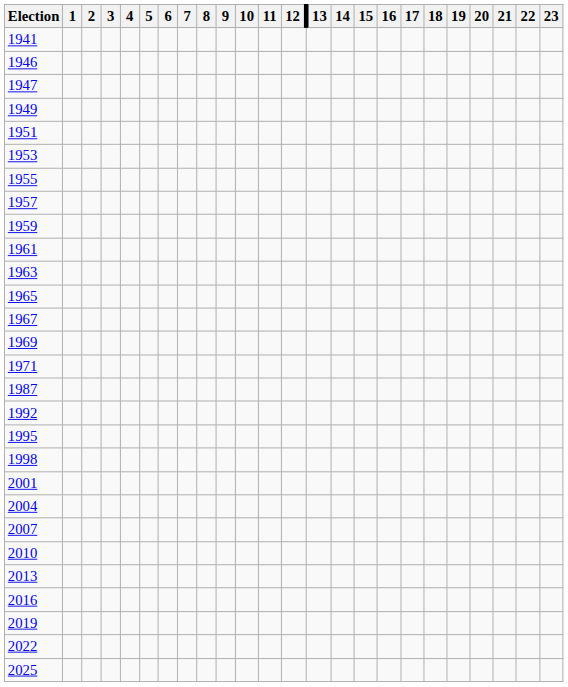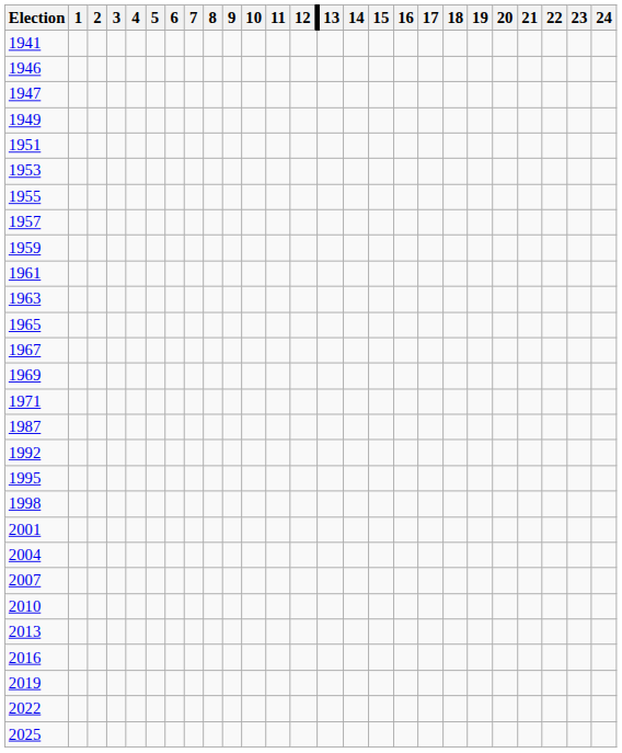 <table class="wikitable" style="text-align:center;">
 <tr>
 <th>Election</th>
 <th width=20px>1</th>
 <th width=20px>2</th>
 <th width=20px>3</th>
 <th width=20px>4</th>
 <th width=20px>5</th>
 <th width=20px>6</th>
 <th width=20px>7</th>
 <th width=20px>8</th>
 <th width=20px>9</th>
 <th width=20px>10</th>
 <th width=20px>11</th>
 <th width=20px>12</th>
 <th width=20px style="border-left:5px solid black;">13</th>
 <th width=20px>14</th>
 <th width=20px>15</th>
 <th width=20px>16</th>
 <th width=20px>17</th>
 <th width=20px>18</th>
 <th width=20px>19</th>
 <th width=20px>20</th>
 <th width=20px>21</th>
 <th width=20px>22</th>
 <th width=20px>23</th>
+<th width=20px>24</th>
 </tr>
 <tr>
 <td style="text-align:left"><a href='#'>1941</a></td>
+<td bgcolor=></td>
 <td bgcolor=></td>
 <td bgcolor=></td>
 <td bgcolor=></td>
 <td bgcolor=></td>
 <td bgcolor=></td>
 <td bgcolor=></td>
 <td bgcolor=></td>
 <td bgcolor=></td>
 <td bgcolor=></td>
 <td bgcolor=></td>
 <td bgcolor=></td>
 <td bgcolor=></td>
 <td bgcolor=></td>
 <td bgcolor=></td>
 <td bgcolor=></td>
 <td bgcolor=></td>
 <td bgcolor=></td>
 <td bgcolor=></td>
 <td bgcolor=></td>
 <td bgcolor=></td>
 <td bgcolor=></td>
 <td bgcolor=></td>
 <td bgcolor=></td>
 </tr>
 <tr>
 <td style="text-align:left"><a href='#'>1946</a></td>
 <td bgcolor=></td>
 <td bgcolor=></td>
 <td bgcolor=></td>
 <td bgcolor=></td>
 <td bgcolor=></td>
 <td bgcolor=></td>
 <td bgcolor=></td>
 <td bgcolor=></td>
 <td bgcolor=></td>
 <td bgcolor=></td>
 <td bgcolor=></td>
 <td bgcolor=></td>
 <td bgcolor=></td>
 <td bgcolor=></td>
 <td bgcolor=></td>
 <td bgcolor=></td>
 <td bgcolor=></td>
 <td bgcolor=></td>
 <td bgcolor=></td>
 <td bgcolor=></td>
 <td bgcolor=></td>
 <td bgcolor=></td>
 <td bgcolor=></td>
+<td bgcolor=></td>
 </tr>
 <tr>
 <td style="text-align:left"><a href='#'>1947</a></td>
+<td bgcolor=></td>
 <td bgcolor=></td>
 <td bgcolor=></td>
 <td bgcolor=></td>
 <td bgcolor=></td>
 <td bgcolor=></td>
 <td bgcolor=></td>
 <td bgcolor=></td>
 <td bgcolor=></td>
 <td bgcolor=></td>
 <td bgcolor=></td>
 <td bgcolor=></td>
 <td bgcolor=></td>
 <td bgcolor=></td>
 <td bgcolor=></td>
 <td bgcolor=></td>
 <td bgcolor=></td>
 <td bgcolor=></td>
 <td bgcolor=></td>
 <td bgcolor=></td>
 <td bgcolor=></td>
 <td bgcolor=></td>
 <td bgcolor=></td>
 <td bgcolor=></td>
 </tr>
 <tr>
 <td style="text-align:left"><a href='#'>1949</a></td>
 <td bgcolor=></td>
 <td bgcolor=></td>
 <td bgcolor=></td>
 <td bgcolor=></td>
 <td bgcolor=></td>
 <td bgcolor=></td>
 <td bgcolor=></td>
 <td bgcolor=></td>
 <td bgcolor=></td>
 <td bgcolor=></td>
 <td bgcolor=></td>
 <td bgcolor=></td>
 <td bgcolor=></td>
 <td bgcolor=></td>
 <td bgcolor=></td>
 <td bgcolor=></td>
 <td bgcolor=></td>
 <td bgcolor=></td>
 <td bgcolor=></td>
 <td bgcolor=></td>
 <td bgcolor=></td>
 <td bgcolor=></td>
 <td bgcolor=></td>
+<td></td>
 </tr>
 <tr>
 <td style="text-align:left"><a href='#'>1951</a></td>
+<td bgcolor=></td>
 <td bgcolor=></td>
 <td bgcolor=></td>
 <td bgcolor=></td>
 <td bgcolor=></td>
 <td bgcolor=></td>
 <td bgcolor=></td>
 <td bgcolor=></td>
 <td bgcolor=></td>
 <td bgcolor=></td>
 <td bgcolor=></td>
 <td bgcolor=></td>
 <td bgcolor=></td>
 <td bgcolor=></td>
 <td bgcolor=></td>
 <td bgcolor=></td>
 <td bgcolor=></td>
 <td bgcolor=></td>
 <td bgcolor=></td>
 <td bgcolor=></td>
 <td bgcolor=></td>
 <td bgcolor=></td>
 <td bgcolor=></td>
 <td bgcolor=></td>
 </tr>
 <tr>
 <td style="text-align:left"><a href='#'>1953</a></td>
 <td bgcolor=></td>
 <td bgcolor=></td>
 <td bgcolor=></td>
 <td bgcolor=></td>
 <td bgcolor=></td>
 <td bgcolor=></td>
 <td bgcolor=></td>
 <td bgcolor=></td>
 <td bgcolor=></td>
 <td bgcolor=></td>
 <td bgcolor=></td>
 <td bgcolor=></td>
 <td bgcolor=></td>
 <td bgcolor=></td>
 <td bgcolor=></td>
 <td bgcolor=></td>
 <td bgcolor=></td>
 <td bgcolor=></td>
 <td bgcolor=></td>
 <td bgcolor=></td>
 <td bgcolor=></td>
 <td bgcolor=></td>
 <td bgcolor=></td>
+<td></td>
 </tr>
 <tr>
 <td style="text-align:left"><a href='#'>1955</a></td>
+<td bgcolor=></td>
 <td bgcolor=></td>
 <td bgcolor=></td>
 <td bgcolor=></td>
 <td bgcolor=></td>
 <td bgcolor=></td>
 <td bgcolor=></td>
 <td bgcolor=></td>
 <td bgcolor=></td>
 <td bgcolor=></td>
 <td bgcolor=></td>
 <td bgcolor=></td>
 <td bgcolor=></td>
 <td bgcolor=></td>
 <td bgcolor=></td>
 <td bgcolor=></td>
 <td bgcolor=></td>
 <td bgcolor=></td>
 <td bgcolor=></td>
 <td bgcolor=></td>
 <td bgcolor=></td>
 <td bgcolor=></td>
 <td bgcolor=></td>
 <td bgcolor=></td>
 </tr>
 <tr>
 <td style="text-align:left"><a href='#'>1957</a></td>
 <td bgcolor=></td>
 <td bgcolor=></td>
 <td bgcolor=></td>
 <td bgcolor=></td>
 <td bgcolor=></td>
 <td bgcolor=></td>
 <td bgcolor=></td>
 <td bgcolor=></td>
 <td bgcolor=></td>
 <td bgcolor=></td>
 <td bgcolor=></td>
 <td bgcolor=></td>
 <td bgcolor=></td>
 <td bgcolor=></td>
 <td bgcolor=></td>
 <td bgcolor=></td>
 <td bgcolor=></td>
 <td bgcolor=></td>
 <td bgcolor=></td>
 <td bgcolor=></td>
 <td bgcolor=></td>
 <td bgcolor=></td>
 <td bgcolor=></td>
+<td bgcolor=></td>
 </tr>
 <tr>
 <td style="text-align:left"><a href='#'>1959</a></td>
+<td bgcolor=></td>
 <td bgcolor=></td>
 <td bgcolor=></td>
 <td bgcolor=></td>
 <td bgcolor=></td>
 <td bgcolor=></td>
 <td bgcolor=></td>
 <td bgcolor=></td>
 <td bgcolor=></td>
 <td bgcolor=></td>
 <td bgcolor=></td>
 <td bgcolor=></td>
 <td bgcolor=></td>
 <td bgcolor=></td>
 <td bgcolor=></td>
 <td bgcolor=></td>
 <td bgcolor=></td>
 <td bgcolor=></td>
 <td bgcolor=></td>
 <td bgcolor=></td>
 <td bgcolor=></td>
 <td bgcolor=></td>
 <td bgcolor=></td>
 <td bgcolor=></td>
 </tr>
 <tr>
 <td style="text-align:left"><a href='#'>1961</a></td>
 <td bgcolor=></td>
 <td bgcolor=></td>
 <td bgcolor=></td>
 <td bgcolor=></td>
 <td bgcolor=></td>
 <td bgcolor=></td>
 <td bgcolor=></td>
 <td bgcolor=></td>
 <td bgcolor=></td>
 <td bgcolor=></td>
 <td bgcolor=></td>
 <td bgcolor=></td>
 <td bgcolor=></td>
 <td bgcolor=></td>
 <td bgcolor=></td>
 <td bgcolor=></td>
 <td bgcolor=></td>
 <td bgcolor=></td>
 <td bgcolor=></td>
 <td bgcolor=></td>
 <td bgcolor=></td>
 <td bgcolor=></td>
 <td bgcolor=></td>
+<td bgcolor=></td>
 </tr>
 <tr>
 <td style="text-align:left"><a href='#'>1963</a></td>
+<td bgcolor=></td>
 <td bgcolor=></td>
 <td bgcolor=></td>
 <td bgcolor=></td>
 <td bgcolor=></td>
 <td bgcolor=></td>
 <td bgcolor=></td>
 <td bgcolor=></td>
 <td bgcolor=></td>
 <td bgcolor=></td>
 <td bgcolor=></td>
 <td bgcolor=></td>
 <td bgcolor=></td>
 <td bgcolor=></td>
 <td bgcolor=></td>
 <td bgcolor=></td>
 <td bgcolor=></td>
 <td bgcolor=></td>
 <td bgcolor=></td>
 <td bgcolor=></td>
 <td bgcolor=></td>
 <td bgcolor=></td>
 <td bgcolor=></td>
 <td bgcolor=></td>
 </tr>
 <tr>
 <td style="text-align:left"><a href='#'>1965</a></td>
 <td bgcolor=></td>
 <td bgcolor=></td>
 <td bgcolor=></td>
 <td bgcolor=></td>
 <td bgcolor=></td>
 <td bgcolor=></td>
 <td bgcolor=></td>
 <td bgcolor=></td>
 <td bgcolor=></td>
 <td bgcolor=></td>
 <td bgcolor=></td>
 <td bgcolor=></td>
 <td bgcolor=></td>
 <td bgcolor=></td>
 <td bgcolor=></td>
 <td bgcolor=></td>
 <td bgcolor=></td>
 <td bgcolor=></td>
 <td bgcolor=></td>
 <td bgcolor=></td>
 <td bgcolor=></td>
 <td bgcolor=></td>
 <td bgcolor=></td>
+<td bgcolor=></td>
 </tr>
 <tr>
 <td style="text-align:left"><a href='#'>1967</a></td>
+<td bgcolor=></td>
 <td bgcolor=></td>
 <td bgcolor=></td>
 <td bgcolor=></td>
 <td bgcolor=></td>
 <td bgcolor=></td>
 <td bgcolor=></td>
 <td bgcolor=></td>
 <td bgcolor=></td>
 <td bgcolor=></td>
 <td bgcolor=></td>
 <td bgcolor=></td>
 <td bgcolor=></td>
 <td bgcolor=></td>
 <td bgcolor=></td>
 <td bgcolor=></td>
 <td bgcolor=></td>
 <td bgcolor=></td>
 <td bgcolor=></td>
 <td bgcolor=></td>
 <td bgcolor=></td>
 <td bgcolor=></td>
 <td bgcolor=></td>
 <td bgcolor=></td>
 </tr>
 <tr>
 <td style="text-align:left"><a href='#'>1969</a></td>
 <td bgcolor=></td>
 <td bgcolor=></td>
 <td bgcolor=></td>
 <td bgcolor=></td>
 <td bgcolor=></td>
 <td bgcolor=></td>
 <td bgcolor=></td>
 <td bgcolor=></td>
 <td bgcolor=></td>
 <td bgcolor=></td>
 <td bgcolor=></td>
 <td bgcolor=></td>
 <td bgcolor=></td>
 <td bgcolor=></td>
 <td bgcolor=></td>
 <td bgcolor=></td>
 <td bgcolor=></td>
 <td bgcolor=></td>
 <td bgcolor=></td>
 <td bgcolor=></td>
 <td bgcolor=></td>
 <td bgcolor=></td>
 <td bgcolor=></td>
+<td bgcolor=></td>
 </tr>
 <tr>
 <td style="text-align:left"><a href='#'>1971</a></td>
+<td bgcolor=></td>
 <td bgcolor=></td>
 <td bgcolor=></td>
 <td bgcolor=></td>
 <td bgcolor=></td>
 <td bgcolor=></td>
 <td bgcolor=></td>
 <td bgcolor=></td>
 <td bgcolor=></td>
 <td bgcolor=></td>
 <td bgcolor=></td>
 <td bgcolor=></td>
 <td bgcolor=></td>
 <td bgcolor=></td>
 <td bgcolor=></td>
 <td bgcolor=></td>
 <td bgcolor=></td>
 <td bgcolor=></td>
 <td bgcolor=></td>
 <td bgcolor=></td>
 <td bgcolor=></td>
 <td bgcolor=></td>
 <td bgcolor=></td>
 <td bgcolor=></td>
 </tr>
 <tr>
 <td style="text-align:left"><a href='#'>1987</a></td>
 <td bgcolor=></td>
 <td bgcolor=></td>
 <td bgcolor=></td>
 <td bgcolor=></td>
 <td bgcolor=></td>
 <td bgcolor=></td>
 <td bgcolor=></td>
 <td bgcolor=></td>
 <td bgcolor=></td>
 <td bgcolor=></td>
 <td bgcolor=></td>
 <td bgcolor=></td>
 <td bgcolor=></td>
 <td bgcolor=></td>
 <td bgcolor=></td>
 <td bgcolor=></td>
 <td bgcolor=></td>
 <td bgcolor=></td>
 <td bgcolor=></td>
 <td bgcolor=></td>
 <td bgcolor=></td>
 <td bgcolor=></td>
 <td bgcolor=></td>
+<td bgcolor=></td>
 </tr>
 <tr>
 <td style="text-align:left"><a href='#'>1992</a></td>
+<td style="background:"></td>
 <td style="background:"></td>
 <td style="background:"></td>
 <td style="background:"></td>
 <td style="background:"></td>
 <td style="background:"></td>
 <td style="background:"></td>
 <td style="background:"></td>
 <td style="background:"></td>
 <td style="background:"></td>
 <td style="background:"></td>
 <td style="background:"></td>
 <td style="background:"></td>
 <td style="background:"></td>
 <td style="background:"></td>
 <td style="background:"></td>
 <td style="background:"></td>
 <td style="background:"></td>
 <td style="background:"></td>
 <td style="background:"></td>
 <td style="background:"></td>
 <td style="background:"></td>
 <td style="background:"></td>
 <td style="background:"></td>
 </tr>
 <tr>
 <td style="text-align:left"><a href='#'>1995</a></td>
 <td style="background:"></td>
 <td style="background:"></td>
 <td style="background:"></td>
 <td style="background:"></td>
 <td style="background:"></td>
 <td style="background:"></td>
 <td style="background:"></td>
 <td style="background:"></td>
 <td style="background:"></td>
 <td style="background:"></td>
 <td style="background:"></td>
 <td style="background:"></td>
 <td style="background:"></td>
 <td style="background:"></td>
 <td style="background:"></td>
 <td style="background:"></td>
 <td style="background:"></td>
 <td style="background:"></td>
 <td style="background:"></td>
 <td style="background:"></td>
 <td style="background:"></td>
 <td style="background:"></td>
 <td style="background:"></td>
+<td style="background:"></td>
 </tr>
 <tr>
 <td style="text-align:left"><a href='#'>1998</a></td>
 <td style="background:"></td>
 <td style="background:"></td>
 <td style="background:"></td>
 <td style="background:"></td>
 <td style="background:"></td>
 <td style="background:"></td>
 <td style="background:"></td>
 <td style="background:"></td>
 <td style="background:"></td>
 <td style="background:"></td>
 <td style="background:"></td>
 <td style="background:"></td>
 <td style="background:"></td>
 <td style="background:"></td>
 <td style="background:"></td>
 <td style="background:"></td>
 <td style="background:"></td>
 <td style="background:"></td>
 <td style="background:"></td>
 <td style="background:"></td>
 <td style="background:"></td>
 <td style="background:"></td>
 <td style="background:"></td>
+<td></td>
 </tr>
 <tr>
 <td style="text-align:left"><a href='#'>2001</a></td>
+<td style="background:"></td>
 <td style="background:"></td>
 <td style="background:"></td>
 <td style="background:"></td>
 <td style="background:"></td>
 <td style="background:"></td>
 <td style="background:"></td>
 <td style="background:"></td>
 <td style="background:"></td>
 <td style="background:"></td>
 <td style="background:"></td>
 <td style="background:"></td>
 <td style="background:"></td>
 <td style="background:"></td>
 <td style="background:"></td>
 <td style="background:"></td>
 <td style="background:"></td>
 <td style="background:"></td>
 <td style="background:"></td>
 <td style="background:"></td>
 <td style="background:"></td>
 <td style="background:"></td>
 <td style="background:"></td>
 <td style="background:"></td>
 </tr>
 <tr>
 <td style="text-align:left"><a href='#'>2004</a></td>
 <td bgcolor=></td>
 <td bgcolor=></td>
 <td bgcolor=></td>
 <td bgcolor=></td>
 <td bgcolor=></td>
 <td bgcolor=></td>
 <td bgcolor=></td>
 <td bgcolor=></td>
 <td bgcolor=></td>
 <td bgcolor=></td>
 <td bgcolor=></td>
 <td bgcolor=></td>
 <td bgcolor=></td>
 <td bgcolor=></td>
 <td bgcolor=></td>
 <td bgcolor=></td>
 <td bgcolor=></td>
 <td bgcolor=></td>
 <td bgcolor=></td>
 <td bgcolor=></td>
 <td bgcolor=></td>
 <td bgcolor=></td>
 <td bgcolor=></td>
+<td></td>
 </tr>
 <tr>
 <td style="text-align:left"><a href='#'>2007</a></td>
 <td bgcolor=></td>
 <td bgcolor=></td>
 <td bgcolor=></td>
 <td bgcolor=></td>
 <td bgcolor=></td>
 <td bgcolor=></td>
 <td bgcolor=></td>
 <td bgcolor=></td>
 <td bgcolor=></td>
 <td bgcolor=></td>
 <td bgcolor=></td>
 <td bgcolor=></td>
 <td bgcolor=></td>
 <td bgcolor=></td>
 <td bgcolor=></td>
 <td bgcolor=></td>
 <td bgcolor=></td>
 <td bgcolor=></td>
 <td bgcolor=></td>
 <td bgcolor=></td>
 <td bgcolor=></td>
 <td bgcolor=></td>
 <td bgcolor=></td>
+<td></td>
 </tr>
 <tr>
 <td style="text-align:left"><a href='#'>2010</a></td>
 <td bgcolor=></td>
 <td bgcolor=></td>
 <td bgcolor=></td>
 <td bgcolor=></td>
 <td bgcolor=></td>
 <td bgcolor=></td>
 <td bgcolor=></td>
 <td bgcolor=></td>
 <td bgcolor=></td>
 <td bgcolor=></td>
 <td bgcolor=></td>
 <td bgcolor=></td>
 <td bgcolor=></td>
 <td bgcolor=></td>
 <td bgcolor=></td>
 <td bgcolor=></td>
 <td bgcolor=></td>
 <td bgcolor=></td>
 <td bgcolor=></td>
 <td bgcolor=></td>
 <td bgcolor=></td>
 <td bgcolor=></td>
 <td bgcolor=></td>
+<td></td>
 </tr>
 <tr>
 <td style="text-align:left"><a href='#'>2013</a></td>
+<td bgcolor=></td>
 <td bgcolor=></td>
 <td bgcolor=></td>
 <td bgcolor=></td>
 <td bgcolor=></td>
 <td bgcolor=></td>
 <td bgcolor=></td>
 <td bgcolor=></td>
 <td bgcolor=></td>
 <td bgcolor=></td>
 <td bgcolor=></td>
 <td bgcolor=></td>
 <td bgcolor=></td>
 <td bgcolor=></td>
 <td bgcolor=></td>
 <td bgcolor=></td>
 <td bgcolor=></td>
 <td bgcolor=></td>
 <td bgcolor=></td>
 <td bgcolor=></td>
 <td bgcolor=></td>
 <td bgcolor=></td>
 <td bgcolor=></td>
 <td bgcolor=></td>
 </tr>
 <tr>
 <td style="text-align:left"><a href='#'>2016</a></td>
 <td bgcolor=></td>
 <td bgcolor=></td>
 <td bgcolor=></td>
 <td bgcolor=></td>
 <td bgcolor=></td>
 <td bgcolor=></td>
 <td bgcolor=></td>
 <td bgcolor=></td>
 <td bgcolor=></td>
 <td bgcolor=></td>
 <td bgcolor=></td>
 <td bgcolor=></td>
 <td bgcolor=></td>
 <td bgcolor=></td>
 <td bgcolor=></td>
 <td bgcolor=></td>
 <td bgcolor=></td>
 <td bgcolor=></td>
 <td bgcolor=></td>
 <td bgcolor=></td>
 <td bgcolor=></td>
 <td bgcolor=></td>
 <td bgcolor=></td>
+<td bgcolor=></td>
 </tr>
 <tr>
 <td style="text-align:left"><a href='#'>2019</a></td>
+<td bgcolor=></td>
 <td bgcolor=></td>
 <td bgcolor=></td>
 <td bgcolor=></td>
 <td bgcolor=></td>
 <td bgcolor=></td>
 <td bgcolor=></td>
 <td bgcolor=></td>
 <td bgcolor=></td>
 <td bgcolor=></td>
 <td bgcolor=></td>
 <td bgcolor=></td>
 <td bgcolor=></td>
 <td bgcolor=></td>
 <td bgcolor=></td>
 <td bgcolor=></td>
 <td bgcolor=></td>
 <td bgcolor=></td>
 <td bgcolor=></td>
 <td bgcolor=></td>
 <td bgcolor=></td>
 <td bgcolor=></td>
 <td bgcolor=></td>
 <td bgcolor=></td>
 </tr>
 <tr>
 <td style="text-align:left"><a href='#'>2022</a></td>
 <td bgcolor=></td>
 <td bgcolor=></td>
 <td bgcolor=></td>
 <td bgcolor=></td>
 <td bgcolor=></td>
 <td bgcolor=></td>
 <td bgcolor=></td>
 <td bgcolor=></td>
 <td bgcolor=></td>
 <td bgcolor=></td>
 <td bgcolor=></td>
 <td bgcolor=></td>
 <td bgcolor=></td>
 <td bgcolor=></td>
 <td bgcolor=></td>
 <td bgcolor=></td>
 <td bgcolor=></td>
 <td bgcolor=></td>
 <td bgcolor=></td>
 <td bgcolor=></td>
 <td bgcolor=></td>
 <td bgcolor=></td>
 <td bgcolor=></td>
+<td bgcolor=></td>
 </tr>
 <tr>
 <td style="text-align:left"><a href='#'>2025</a></td>
 <td bgcolor=></td>
 <td bgcolor=></td>
 <td bgcolor=></td>
 <td bgcolor=></td>
 <td bgcolor=></td>
 <td bgcolor=></td>
 <td bgcolor=></td>
 <td bgcolor=></td>
 <td bgcolor=></td>
 <td bgcolor=></td>
 <td bgcolor=></td>
 <td bgcolor=></td>
 <td bgcolor=></td>
 <td bgcolor=></td>
 <td bgcolor=></td>
 <td bgcolor=></td>
 <td bgcolor=></td>
 <td bgcolor=></td>
 <td bgcolor=></td>
 <td bgcolor=></td>
 <td bgcolor=></td>
 <td bgcolor=></td>
 <td bgcolor=></td>
+<td bgcolor=></td>
 </tr>
 </table>
